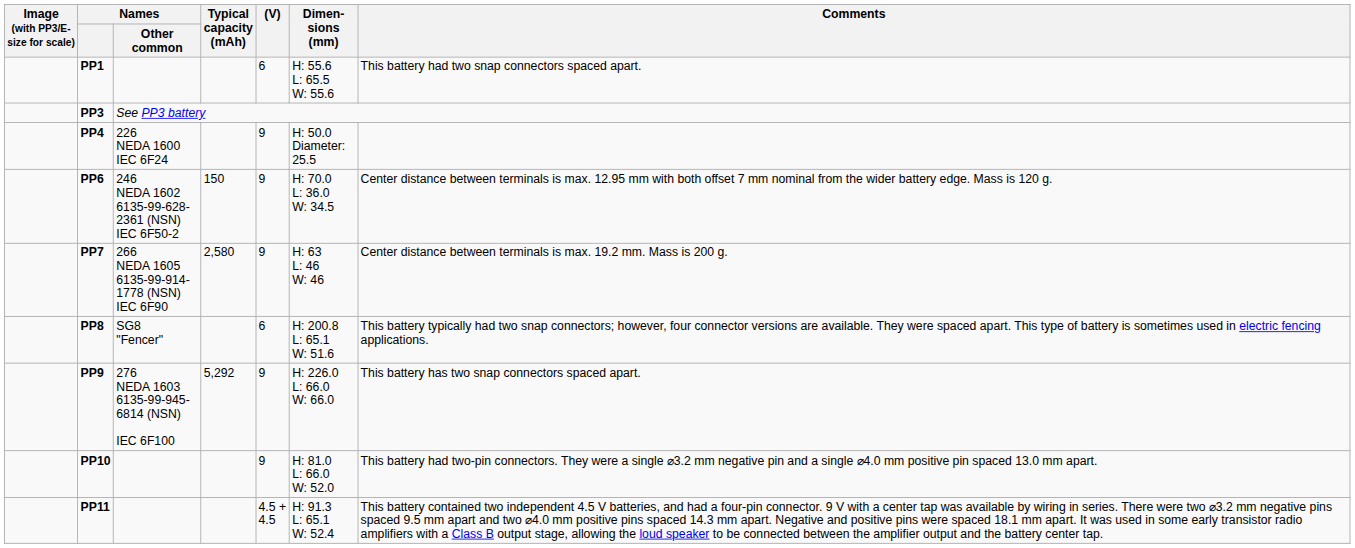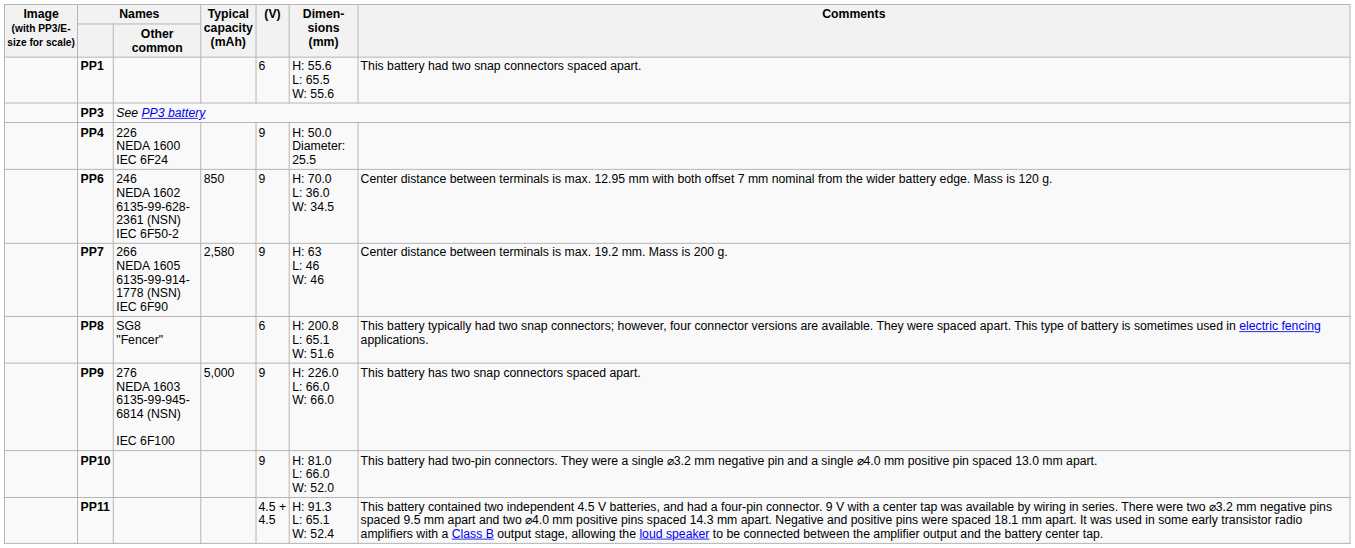 <table class=wikitable  style="width:100%; font-size:90%">
 <tr valign=top>
 <th rowspan=2>Image<br><small>(with PP3/E-size for scale)</small></th>
 <th colspan=2>Names</th>
 <th rowspan=2>Typical<br>capacity <br>(mAh)</th>
 <th rowspan=2>(V)</th>
 <th rowspan=2>Dimen­sions<br>(mm)</th>
 <th rowspan=2>Comments</th>
 </tr>
 <tr>
 <th></th>
 <th>Other common</th>
 </tr>
 <tr valign=top>
 <td></td>
 <td><strong>PP1</strong></td>
 <td></td>
 <td></td>
 <td>6</td>
 <td>H: 55.6<br>L: 65.5<br>W: 55.6</td>
 <td>This battery had two snap connectors spaced  apart.</td>
 </tr>
 <tr valign=top>
 <td></td>
 <td><strong>PP3</strong></td>
 <td colspan=5><em>See <a href='#'>PP3 battery</a></em></td>
 </tr>
 <tr valign=top>
 <td></td>
 <td><strong>PP4</strong></td>
 <td>226<br>NEDA 1600<br>IEC 6F24</td>
 <td></td>
 <td>9</td>
 <td>H: 50.0<br>Diameter: 25.5</td>
 <td></td>
 </tr>
 <tr valign=top>
 <td></td>
 <td><strong>PP6</strong></td>
 <td>246<br>NEDA 1602<br>6135-99-628-2361 (NSN)<br>IEC 6F50-2</td>
-<td>150</td>
+<td>850</td>
 <td>9</td>
 <td>H: 70.0<br>L: 36.0<br>W: 34.5</td>
 <td>Center distance between terminals is max. 12.95 mm with both offset 7 mm nominal from the wider battery edge. Mass is 120 g.</td>
 </tr>
 <tr valign=top>
 <td></td>
 <td><strong>PP7</strong></td>
 <td>266<br>NEDA 1605<br>6135-99-914-1778 (NSN)<br>IEC 6F90</td>
 <td>2,580</td>
 <td>9</td>
 <td>H: 63<br>L: 46<br>W: 46</td>
 <td>Center distance between terminals is max. 19.2 mm. Mass is 200 g.</td>
 </tr>
 <tr valign=top>
 <td></td>
 <td><strong>PP8</strong></td>
 <td>SG8<br>"Fencer"</td>
 <td></td>
 <td>6</td>
 <td>H: 200.8<br>L: 65.1<br>W: 51.6</td>
 <td>This battery typically had two snap connectors; however, four connector versions are available. They were spaced  apart. This type of battery is sometimes used in <a href='#'>electric fencing</a> applications.</td>
 </tr>
 <tr valign=top>
 <td></td>
 <td><strong>PP9</strong></td>
 <td>276<br>NEDA 1603<br>6135-99-945-6814 (NSN)<br><br>IEC 6F100</td>
-<td>5,292</td>
+<td>5,000</td>
 <td>9</td>
 <td>H: 226.0<br>L: 66.0<br>W: 66.0</td>
 <td>This battery has two snap connectors spaced  apart.</td>
 </tr>
 <tr valign=top>
 <td></td>
 <td><strong>PP10</strong></td>
 <td></td>
 <td></td>
 <td>9</td>
 <td>H: 81.0<br>L: 66.0<br>W: 52.0</td>
 <td>This battery had two-pin connectors. They were a single ⌀3.2 mm negative pin and a single ⌀4.0 mm positive pin spaced 13.0 mm apart.</td>
 </tr>
 <tr valign=top>
 <td></td>
 <td><strong>PP11</strong></td>
 <td></td>
 <td></td>
 <td>4.5 + 4.5</td>
 <td>H: 91.3<br>L: 65.1<br>W: 52.4</td>
 <td>This battery contained two independent 4.5 V batteries, and had a four-pin connector. 9 V with a center tap was available by wiring in series. There were two ⌀3.2 mm negative pins spaced 9.5 mm apart and two ⌀4.0 mm positive pins spaced 14.3 mm apart. Negative and positive pins were spaced 18.1 mm apart. It was used in some early transistor radio amplifiers with a <a href='#'>Class B</a> output stage, allowing the <a href='#'>loud speaker</a> to be connected between the amplifier output and the battery center tap.</td>
 </tr>
 </table>
